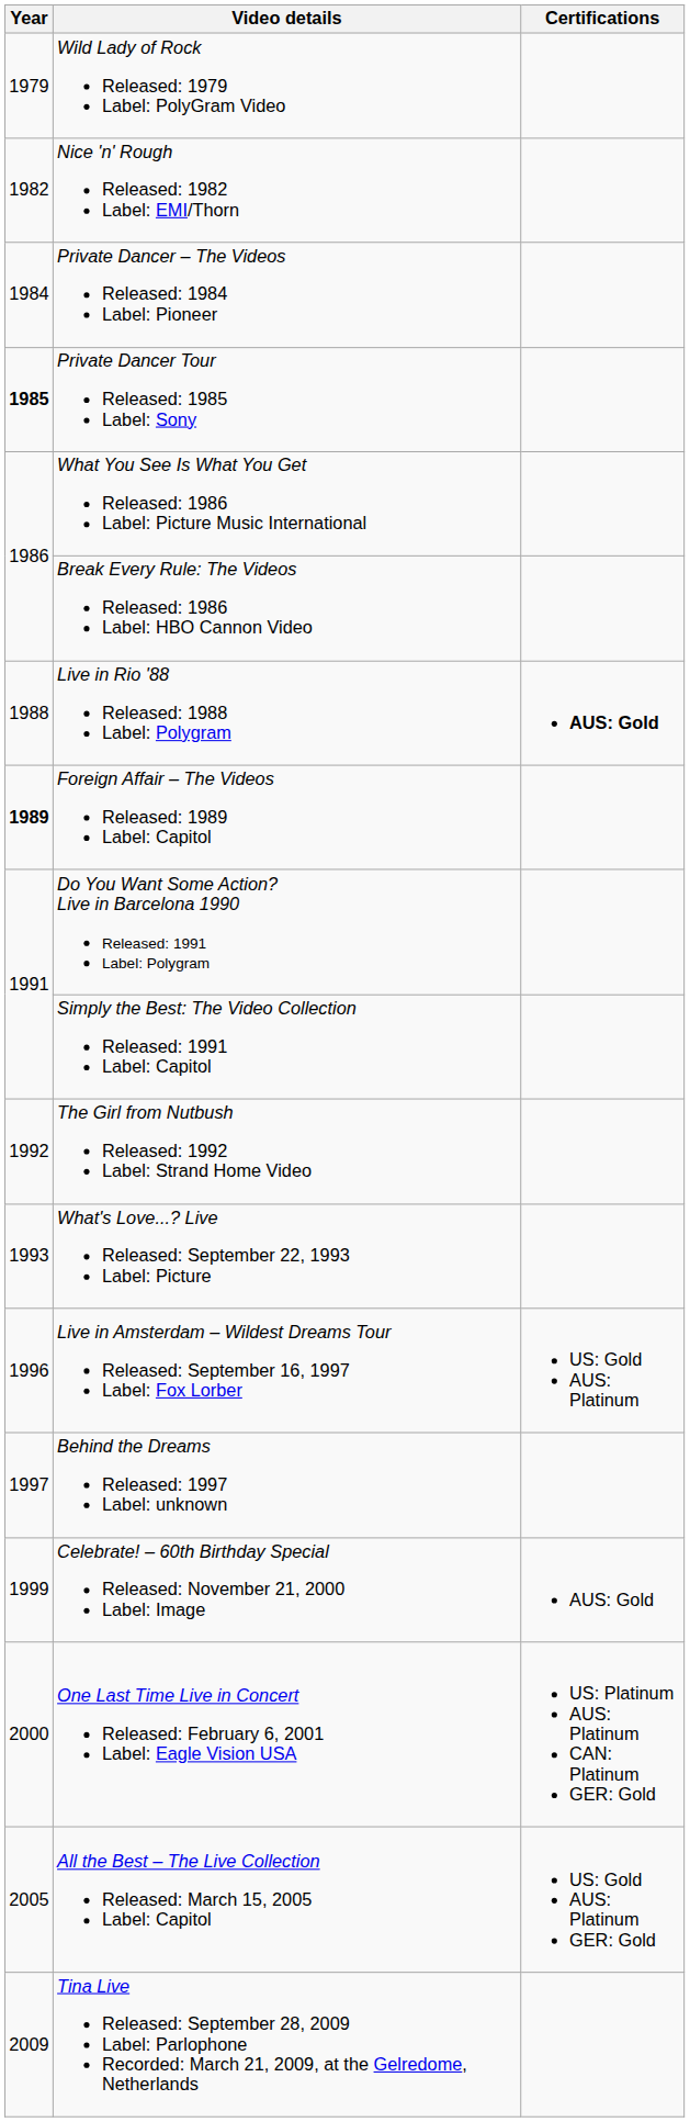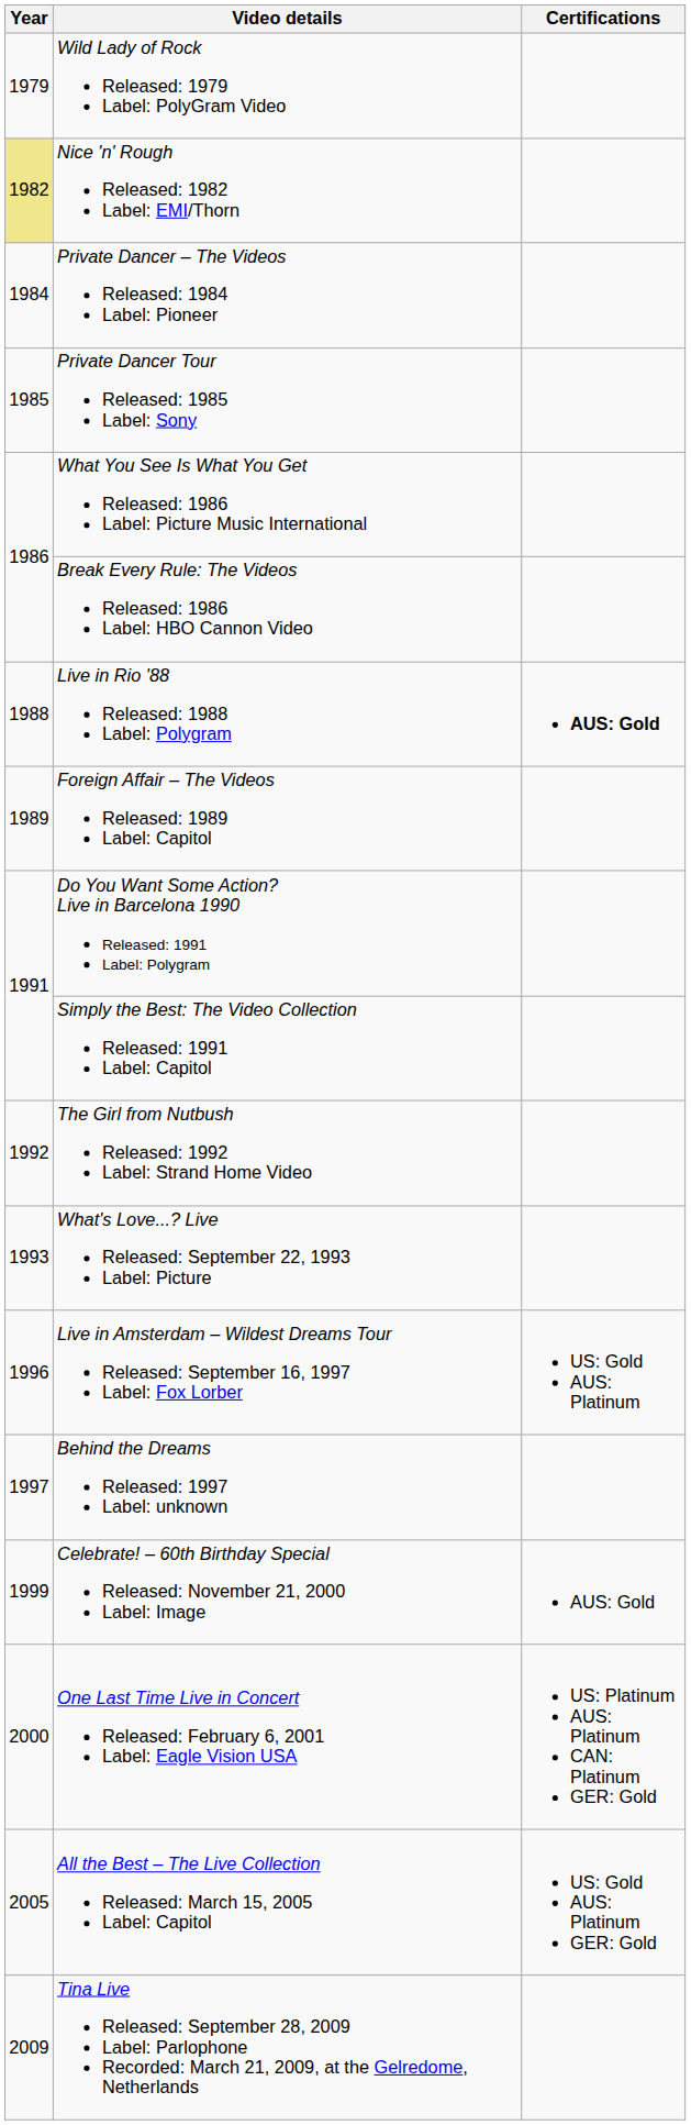 <table class="wikitable" style="text-align:center;">
 <tr>
 <th>Year</th>
 <th>Video details</th>
 <th>Certifications</th>
 </tr>
 <tr>
 <td>1979</td>
 <td style="text-align:left;"><em>Wild Lady of Rock</em><br><ul><li>Released: 1979</li><li>Label: PolyGram Video</li></ul></td>
 <td style="text-align:left;"></td>
 </tr>
 <tr>
-<td>1982</td>
+<td style="background: khaki;">1982</td>
 <td style="text-align:left;"><em>Nice 'n' Rough</em><br><ul><li>Released: 1982</li><li>Label: <a href='#'>EMI</a>/Thorn</li></ul></td>
 <td style="text-align:left;"></td>
 </tr>
 <tr>
 <td>1984</td>
 <td style="text-align:left;"><em>Private Dancer – The Videos</em><br><ul><li>Released: 1984</li><li>Label: Pioneer</li></ul></td>
 <td style="text-align:left;"></td>
 </tr>
 <tr>
-<td><strong>1985</strong></td>
+<td>1985</td>
 <td style="text-align:left;"><em>Private Dancer Tour</em><br><ul><li>Released: 1985</li><li>Label: <a href='#'>Sony</a></li></ul></td>
 <td style="text-align:left;"></td>
 </tr>
 <tr>
 <td rowspan="2">1986</td>
 <td style="text-align:left;"><em>What You See Is What You Get</em><br><ul><li>Released: 1986</li><li>Label: Picture Music International</li></ul></td>
 <td style="text-align:left;"></td>
 </tr>
 <tr>
 <td style="text-align:left;"><em>Break Every Rule: The Videos</em><br><ul><li>Released: 1986</li><li>Label: HBO Cannon Video</li></ul></td>
 <td style="text-align:left;"></td>
 </tr>
 <tr>
 <td>1988</td>
 <td style="text-align:left;"><em>Live in Rio '88</em><br><ul><li>Released: 1988</li><li>Label: <a href='#'>Polygram</a></li></ul></td>
 <td style="text-align:left;"><strong><br><ul><li>AUS: Gold</li></ul></strong></td>
 </tr>
 <tr>
-<td><strong>1989</strong></td>
+<td>1989</td>
 <td style="text-align:left;"><em>Foreign Affair – The Videos</em><br><ul><li>Released: 1989</li><li>Label: Capitol</li></ul></td>
 <td style="text-align:left;"></td>
 </tr>
 <tr>
 <td rowspan="2">1991</td>
 <td style="text-align:left;"><em>Do You Want Some Action?<br> Live in Barcelona 1990</em><br><ul><li><small>Released: 1991</small></li><li><small>Label: Polygram</small></li></ul></td>
 <td style="text-align:left;"></td>
 </tr>
 <tr>
 <td style="text-align:left;"><em>Simply the Best: The Video Collection</em><br><ul><li>Released: 1991</li><li>Label: Capitol</li></ul></td>
 <td style="text-align:left;"></td>
 </tr>
 <tr>
 <td>1992</td>
 <td style="text-align:left;"><em>The Girl from Nutbush</em><br><ul><li>Released: 1992</li><li>Label: Strand Home Video</li></ul></td>
 <td style="text-align:left;"></td>
 </tr>
 <tr>
 <td>1993</td>
 <td style="text-align:left;"><em>What's Love...? Live</em><br><ul><li>Released: September 22, 1993</li><li>Label: Picture</li></ul></td>
 <td style="text-align:left;"></td>
 </tr>
 <tr>
 <td>1996</td>
 <td style="text-align:left;"><em>Live in Amsterdam – Wildest Dreams Tour</em><br><ul><li>Released: September 16, 1997</li><li>Label: <a href='#'>Fox Lorber</a></li></ul></td>
 <td style="text-align:left;"><br><ul><li>US: Gold</li><li>AUS: Platinum</li></ul></td>
 </tr>
 <tr>
 <td>1997</td>
 <td style="text-align:left;"><em>Behind the Dreams</em><br><ul><li>Released: 1997</li><li>Label: unknown</li></ul></td>
 <td style="text-align:left;"></td>
 </tr>
 <tr>
 <td>1999</td>
 <td style="text-align:left;"><em>Celebrate! – 60th Birthday Special</em><br><ul><li>Released: November 21, 2000</li><li>Label: Image</li></ul></td>
 <td style="text-align:left;"><br><ul><li>AUS: Gold</li></ul></td>
 </tr>
 <tr>
 <td>2000</td>
 <td style="text-align:left;"><em><a href='#'>One Last Time Live in Concert</a></em><br><ul><li>Released: February 6, 2001</li><li>Label: <a href='#'>Eagle Vision USA</a></li></ul></td>
 <td style="text-align:left;"><br><ul><li>US: Platinum</li><li>AUS: Platinum</li><li>CAN: Platinum</li><li>GER: Gold</li></ul></td>
 </tr>
 <tr>
 <td>2005</td>
 <td style="text-align:left;"><em><a href='#'>All the Best – The Live Collection</a></em><br><ul><li>Released: March 15, 2005</li><li>Label: Capitol</li></ul></td>
 <td style="text-align:left;"><br><ul><li>US: Gold</li><li>AUS: Platinum</li><li>GER: Gold</li></ul></td>
 </tr>
 <tr>
 <td>2009</td>
 <td style="text-align:left;"><em><a href='#'>Tina Live</a></em><br><ul><li>Released: September 28, 2009</li><li>Label: Parlophone</li><li>Recorded: March 21, 2009, at the <a href='#'>Gelredome</a>, Netherlands</li></ul></td>
 <td style="text-align:left;"></td>
 </tr>
 </table>
